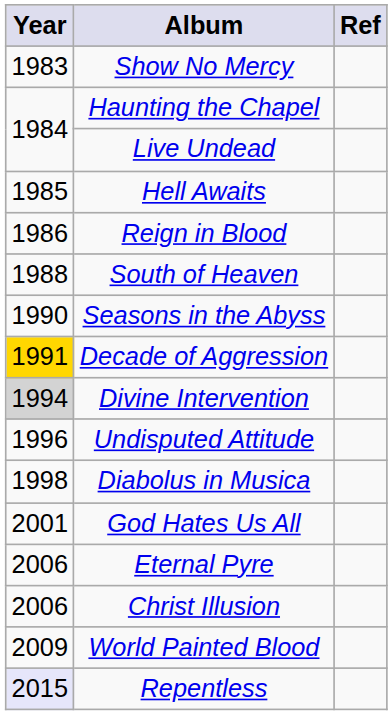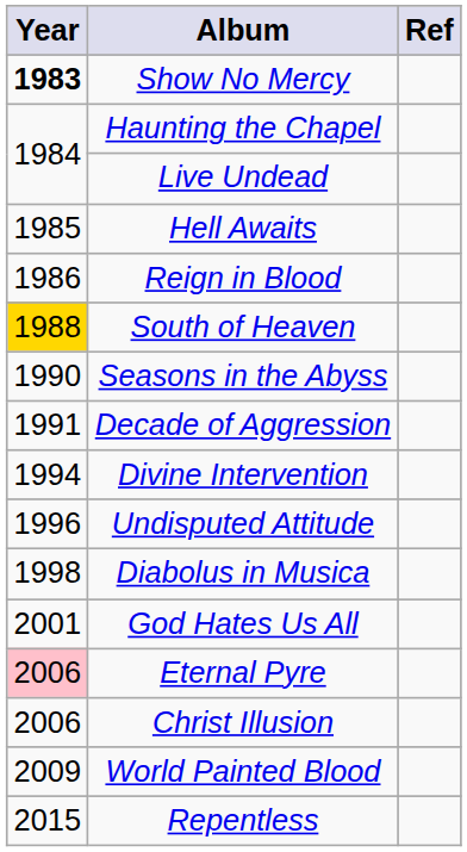 <table class="wikitable" style="font-size:96%; text-align:center; margin: 6px;">
 <tr>
 <th style="background:#dde;">Year</th>
 <th style="background:#dde;">Album</th>
 <th style="background:#dde;">Ref</th>
 </tr>
 <tr>
-<td>1983</td>
+<td><strong>1983</strong></td>
 <td><em><a href='#'>Show No Mercy</a></em></td>
 <td></td>
 </tr>
 <tr>
 <td rowspan="2">1984</td>
 <td><em><a href='#'>Haunting the Chapel</a></em></td>
 <td></td>
 </tr>
 <tr>
 <td><em><a href='#'>Live Undead</a></em></td>
 <td></td>
 </tr>
 <tr>
 <td>1985</td>
 <td><em><a href='#'>Hell Awaits</a></em></td>
 <td></td>
 </tr>
 <tr>
 <td>1986</td>
 <td><em><a href='#'>Reign in Blood</a></em></td>
 <td></td>
 </tr>
 <tr>
-<td>1988</td>
+<td style="background: gold;">1988</td>
 <td><em><a href='#'>South of Heaven</a></em></td>
 <td></td>
 </tr>
 <tr>
 <td>1990</td>
 <td><em><a href='#'>Seasons in the Abyss</a></em></td>
 <td></td>
 </tr>
 <tr>
-<td style="background: gold;">1991</td>
+<td>1991</td>
 <td><em><a href='#'>Decade of Aggression</a></em></td>
 <td></td>
 </tr>
 <tr>
-<td style="background: lightgrey;">1994</td>
+<td>1994</td>
 <td><em><a href='#'>Divine Intervention</a></em></td>
 <td></td>
 </tr>
 <tr>
 <td>1996</td>
 <td><em><a href='#'>Undisputed Attitude</a></em></td>
 <td></td>
 </tr>
 <tr>
 <td>1998</td>
 <td><em><a href='#'>Diabolus in Musica</a></em></td>
 <td></td>
 </tr>
 <tr>
 <td>2001</td>
 <td><em><a href='#'>God Hates Us All</a></em></td>
 <td></td>
 </tr>
 <tr>
-<td>2006</td>
+<td style="background: pink;">2006</td>
 <td><em><a href='#'>Eternal Pyre</a></em></td>
 <td></td>
 </tr>
 <tr>
 <td>2006</td>
 <td><em><a href='#'>Christ Illusion</a></em></td>
 <td></td>
 </tr>
 <tr>
 <td>2009</td>
 <td><em><a href='#'>World Painted Blood</a></em></td>
 <td></td>
 </tr>
 <tr>
-<td style="background: lavender;">2015</td>
+<td>2015</td>
 <td><em><a href='#'>Repentless</a></em></td>
 <td></td>
 </tr>
 </table>
